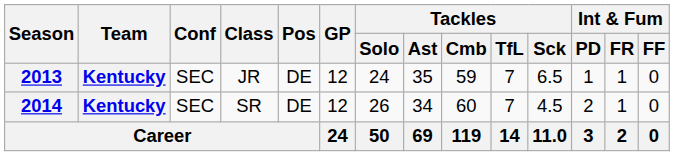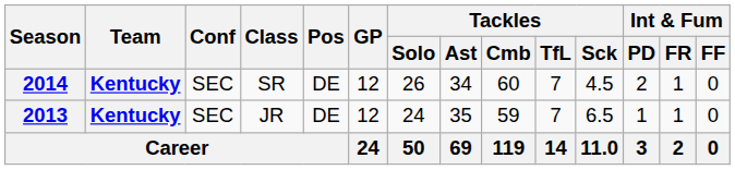 <table class="wikitable" style="text-align: center;">
 <tr>
 <th rowspan="2">Season</th>
 <th rowspan="2">Team</th>
 <th rowspan="2">Conf</th>
 <th rowspan="2">Class</th>
 <th rowspan="2">Pos</th>
 <th rowspan="2">GP</th>
 <th colspan="5">Tackles</th>
 <th colspan="3">Int & Fum</th>
 </tr>
 <tr>
 <th>Solo</th>
 <th>Ast</th>
 <th>Cmb</th>
 <th>TfL</th>
 <th>Sck</th>
 <th>PD</th>
 <th>FR</th>
 <th>FF</th>
 </tr>
 <tr>
+<th><a href='#'>2014</a></th>
+<th><a href='#'>Kentucky</a></th>
+<td>SEC</td>
+<td>SR</td>
+<td>DE</td>
+<td>12</td>
+<td>26</td>
+<td>34</td>
+<td>60</td>
+<td>7</td>
+<td>4.5</td>
+<td>2</td>
+<td>1</td>
+<td>0</td>
+</tr>
+<tr>
 <th><a href='#'>2013</a></th>
 <th><a href='#'>Kentucky</a></th>
 <td>SEC</td>
 <td>JR</td>
 <td>DE</td>
 <td>12</td>
 <td>24</td>
 <td>35</td>
 <td>59</td>
 <td>7</td>
 <td>6.5</td>
 <td>1</td>
 <td>1</td>
 <td>0</td>
 </tr>
 <tr>
-<th><a href='#'>2014</a></th>
-<th><a href='#'>Kentucky</a></th>
-<td>SEC</td>
-<td>SR</td>
-<td>DE</td>
-<td>12</td>
-<td>26</td>
-<td>34</td>
-<td>60</td>
-<td>7</td>
-<td>4.5</td>
-<td>2</td>
-<td>1</td>
-<td>0</td>
-</tr>
-<tr>
 <th colspan="5">Career</th>
 <th>24</th>
 <th>50</th>
 <th>69</th>
 <th>119</th>
 <th>14</th>
 <th>11.0</th>
 <th>3</th>
 <th>2</th>
 <th>0</th>
 </tr>
 </table>
